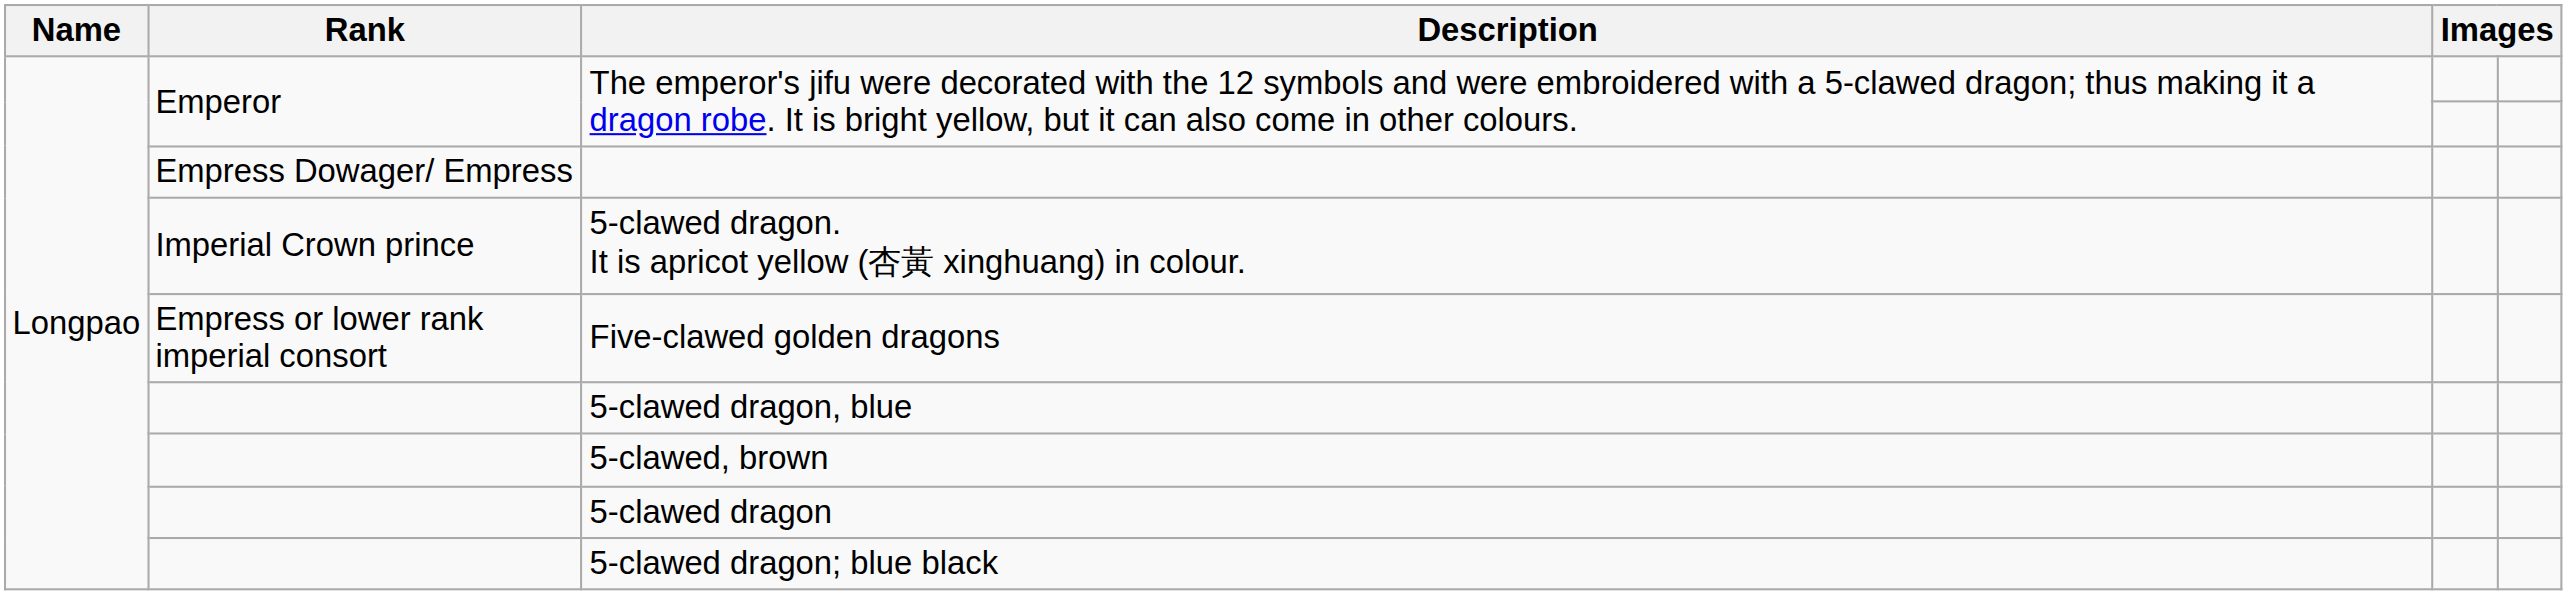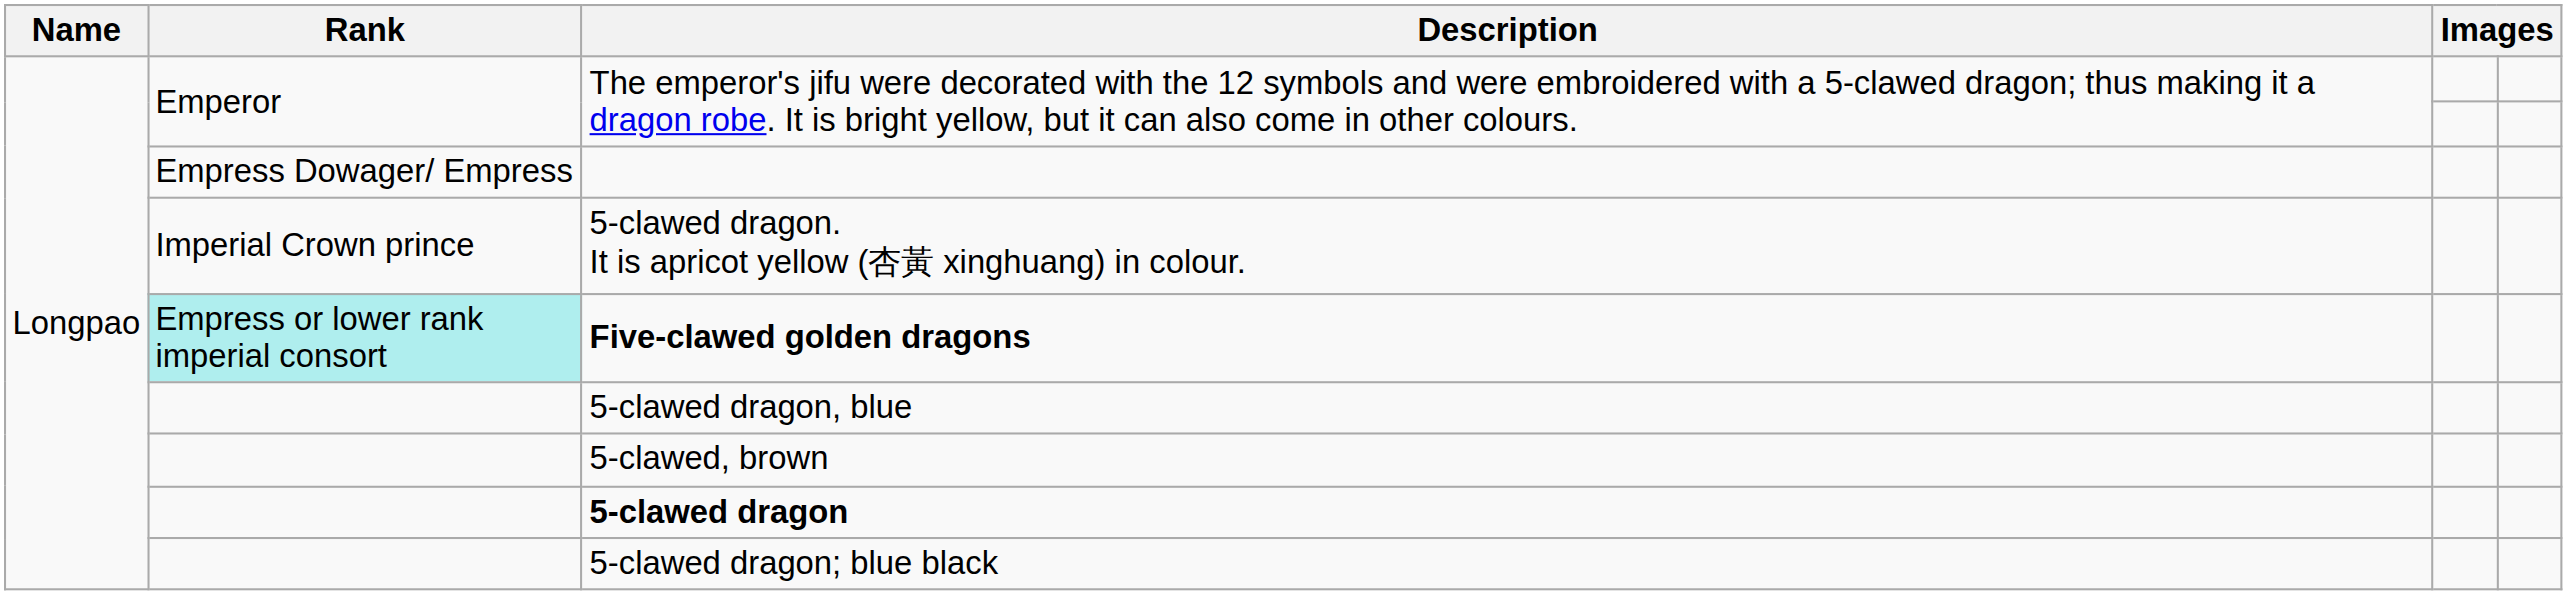 <table class="wikitable">
 <tr>
 <th>Name</th>
 <th>Rank</th>
 <th>Description</th>
 <th colspan="2">Images</th>
 </tr>
 <tr>
 <td rowspan="9">Longpao</td>
 <td rowspan="2">Emperor</td>
 <td rowspan="2">The emperor's jifu were decorated with the 12 symbols and were embroidered with a 5-clawed dragon; thus making it a <a href='#'>dragon robe</a>. It is bright yellow, but it can also come in other colours.</td>
 <td></td>
 <td></td>
 </tr>
 <tr>
 <td></td>
 <td></td>
 </tr>
 <tr>
 <td>Empress Dowager/ Empress</td>
 <td></td>
 <td></td>
 <td></td>
 </tr>
 <tr>
 <td>Imperial Crown prince</td>
 <td>5-clawed dragon.<br>It is apricot yellow (杏黃 xinghuang) in colour.</td>
 <td></td>
 <td></td>
 </tr>
 <tr>
-<td>Empress or lower rank imperial consort</td>
-<td>Five-clawed golden dragons</td>
+<td style="background: paleturquoise;">Empress or lower rank imperial consort</td>
+<td><strong>Five-clawed golden dragons</strong></td>
 <td></td>
 <td></td>
 </tr>
 <tr>
 <td></td>
 <td>5-clawed dragon, blue</td>
 <td></td>
 <td></td>
 </tr>
 <tr>
 <td></td>
 <td>5-clawed, brown</td>
 <td></td>
 <td></td>
 </tr>
 <tr>
 <td></td>
-<td>5-clawed dragon</td>
+<td><strong>5-clawed dragon</strong></td>
 <td></td>
 <td></td>
 </tr>
 <tr>
 <td></td>
 <td>5-clawed dragon; blue black</td>
 <td></td>
 <td></td>
 </tr>
 </table>
